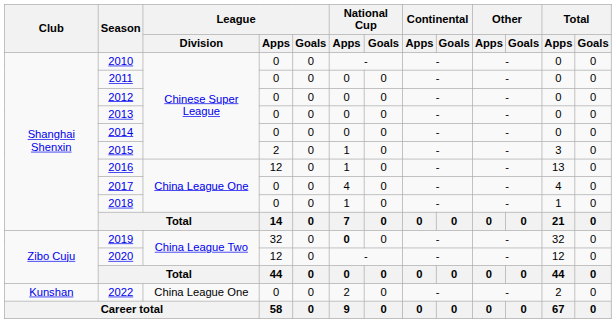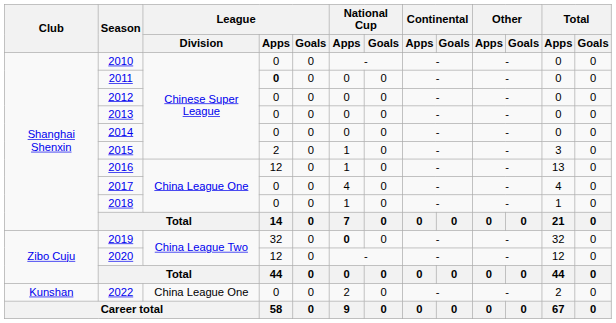 <table class="wikitable" style="text-align: center">
 <tr>
 <th rowspan="2">Club</th>
 <th rowspan="2">Season</th>
 <th colspan="3">League</th>
 <th colspan="2">National Cup</th>
 <th colspan="2">Continental</th>
 <th colspan="2">Other</th>
 <th colspan="2">Total</th>
 </tr>
 <tr>
 <th>Division</th>
 <th>Apps</th>
 <th>Goals</th>
 <th>Apps</th>
 <th>Goals</th>
 <th>Apps</th>
 <th>Goals</th>
 <th>Apps</th>
 <th>Goals</th>
 <th>Apps</th>
 <th>Goals</th>
 </tr>
 <tr>
 <td rowspan=10><a href='#'>Shanghai Shenxin</a></td>
 <td><a href='#'>2010</a></td>
 <td rowspan="6"><a href='#'>Chinese Super League</a></td>
 <td>0</td>
 <td>0</td>
 <td colspan="2">-</td>
 <td colspan="2">-</td>
 <td colspan="2">-</td>
 <td>0</td>
 <td>0</td>
 </tr>
 <tr>
 <td><a href='#'>2011</a></td>
-<td>0</td>
+<td><strong>0</strong></td>
 <td>0</td>
 <td>0</td>
 <td>0</td>
 <td colspan="2">-</td>
 <td colspan="2">-</td>
 <td>0</td>
 <td>0</td>
 </tr>
 <tr>
 <td><a href='#'>2012</a></td>
 <td>0</td>
 <td>0</td>
 <td>0</td>
 <td>0</td>
 <td colspan="2">-</td>
 <td colspan="2">-</td>
 <td>0</td>
 <td>0</td>
 </tr>
 <tr>
 <td><a href='#'>2013</a></td>
 <td>0</td>
 <td>0</td>
 <td>0</td>
 <td>0</td>
 <td colspan="2">-</td>
 <td colspan="2">-</td>
 <td>0</td>
 <td>0</td>
 </tr>
 <tr>
 <td><a href='#'>2014</a></td>
 <td>0</td>
 <td>0</td>
 <td>0</td>
 <td>0</td>
 <td colspan="2">-</td>
 <td colspan="2">-</td>
 <td>0</td>
 <td>0</td>
 </tr>
 <tr>
 <td><a href='#'>2015</a></td>
 <td>2</td>
 <td>0</td>
 <td>1</td>
 <td>0</td>
 <td colspan="2">-</td>
 <td colspan="2">-</td>
 <td>3</td>
 <td>0</td>
 </tr>
 <tr>
 <td><a href='#'>2016</a></td>
 <td rowspan="3"><a href='#'>China League One</a></td>
 <td>12</td>
 <td>0</td>
 <td>1</td>
 <td>0</td>
 <td colspan="2">-</td>
 <td colspan="2">-</td>
 <td>13</td>
 <td>0</td>
 </tr>
 <tr>
 <td><a href='#'>2017</a></td>
 <td>0</td>
 <td>0</td>
 <td>4</td>
 <td>0</td>
 <td colspan="2">-</td>
 <td colspan="2">-</td>
 <td>4</td>
 <td>0</td>
 </tr>
 <tr>
 <td><a href='#'>2018</a></td>
 <td>0</td>
 <td>0</td>
 <td>1</td>
 <td>0</td>
 <td colspan="2">-</td>
 <td colspan="2">-</td>
 <td>1</td>
 <td>0</td>
 </tr>
 <tr>
 <th colspan=2>Total</th>
 <th>14</th>
 <th>0</th>
 <th>7</th>
 <th>0</th>
 <th>0</th>
 <th>0</th>
 <th>0</th>
 <th>0</th>
 <th>21</th>
 <th>0</th>
 </tr>
 <tr>
 <td rowspan=3><a href='#'>Zibo Cuju</a></td>
 <td><a href='#'>2019</a></td>
 <td rowspan=2><a href='#'>China League Two</a></td>
 <td>32</td>
 <td>0</td>
 <td><strong>0</strong></td>
 <td>0</td>
 <td colspan="2">-</td>
 <td colspan="2">-</td>
 <td>32</td>
 <td>0</td>
 </tr>
 <tr>
 <td><a href='#'>2020</a></td>
 <td>12</td>
 <td>0</td>
 <td colspan="2">-</td>
 <td colspan="2">-</td>
 <td colspan="2">-</td>
 <td>12</td>
 <td>0</td>
 </tr>
 <tr>
 <th colspan=2>Total</th>
 <th>44</th>
 <th>0</th>
 <th>0</th>
 <th>0</th>
 <th>0</th>
 <th>0</th>
 <th>0</th>
 <th>0</th>
 <th>44</th>
 <th>0</th>
 </tr>
 <tr>
 <td><a href='#'>Kunshan</a></td>
 <td><a href='#'>2022</a></td>
 <td>China League One</td>
 <td>0</td>
 <td>0</td>
 <td>2</td>
 <td>0</td>
 <td colspan="2">-</td>
 <td colspan="2">-</td>
 <td>2</td>
 <td>0</td>
 </tr>
 <tr>
 <th colspan=3>Career total</th>
 <th>58</th>
 <th>0</th>
 <th>9</th>
 <th>0</th>
 <th>0</th>
 <th>0</th>
 <th>0</th>
 <th>0</th>
 <th>67</th>
 <th>0</th>
 </tr>
 </table>
